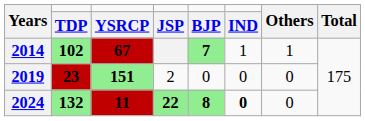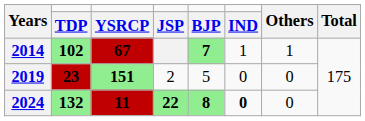 <table class="wikitable" style="text-align:center">
 <tr>
 <th rowspan="2">Years</th>
 <td></td>
 <td></td>
 <td></td>
 <td></td>
 <td></td>
 <th rowspan="2">Others</th>
 <th rowspan="2">Total</th>
 </tr>
 <tr>
 <th><a href='#'>TDP</a></th>
 <th><a href='#'>YSRCP</a></th>
 <th><a href='#'>JSP</a></th>
 <th><a href='#'>BJP</a></th>
 <th><a href='#'>IND</a></th>
 </tr>
 <tr>
 <th><a href='#'>2014</a></th>
 <td bgcolor="lightgreen"><strong>102</strong></td>
 <td bgcolor="chili"><strong>67</strong></td>
 <th></th>
 <td bgcolor="lightgreen"><strong>7</strong></td>
 <td>1</td>
 <td>1</td>
 <td rowspan="3">175</td>
 </tr>
 <tr>
 <th><a href='#'>2019</a></th>
 <td bgcolor="chili"><strong>23</strong></td>
 <td bgcolor="lightgreen"><strong>151</strong></td>
 <td>2</td>
-<td>0</td>
+<td>5</td>
 <td>0</td>
 <td>0</td>
 </tr>
 <tr>
 <th><a href='#'>2024</a></th>
 <td bgcolor="lightgreen"><strong>132</strong></td>
 <td bgcolor="chili"><strong>11</strong></td>
 <td bgcolor="lightgreen"><strong>22</strong></td>
 <td bgcolor="lightgreen"><strong>8</strong></td>
 <td><strong>0</strong></td>
 <td>0</td>
 </tr>
 </table>
